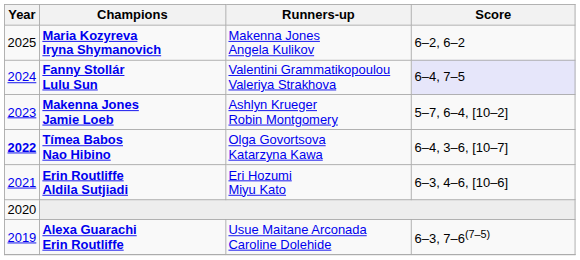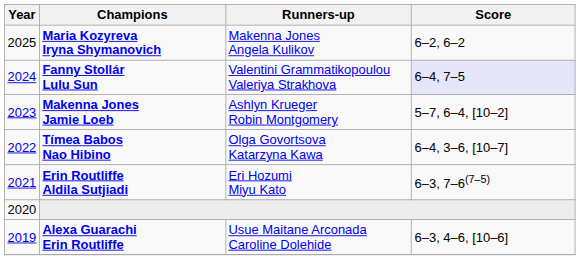 <table class="wikitable" style="font-size:90%">
 <tr>
 <th>Year</th>
 <th width="200">Champions</th>
 <th width="200">Runners-up</th>
 <th width="175">Score</th>
 </tr>
 <tr>
 <td>2025</td>
 <td> <strong><a href='#'>Maria Kozyreva</a></strong> <br>  <strong><a href='#'>Iryna Shymanovich</a></strong></td>
 <td> <a href='#'>Makenna Jones</a> <br>  <a href='#'>Angela Kulikov</a></td>
 <td>6–2, 6–2</td>
 </tr>
 <tr>
 <td><a href='#'>2024</a></td>
 <td> <strong><a href='#'>Fanny Stollár</a></strong> <br>  <strong><a href='#'>Lulu Sun</a></strong></td>
 <td> <a href='#'>Valentini Grammatikopoulou</a> <br>  <a href='#'>Valeriya Strakhova</a></td>
 <td style="background: lavender;">6–4, 7–5</td>
 </tr>
 <tr>
 <td><a href='#'>2023</a></td>
 <td> <strong><a href='#'>Makenna Jones</a></strong> <br>  <strong><a href='#'>Jamie Loeb</a></strong></td>
 <td> <a href='#'>Ashlyn Krueger</a> <br>  <a href='#'>Robin Montgomery</a></td>
 <td>5–7, 6–4, [10–2]</td>
 </tr>
 <tr>
-<td><strong><a href='#'>2022</a></strong></td>
+<td><a href='#'>2022</a></td>
 <td> <strong><a href='#'>Tímea Babos</a></strong> <br>  <strong><a href='#'>Nao Hibino</a></strong></td>
 <td> <a href='#'>Olga Govortsova</a> <br>  <a href='#'>Katarzyna Kawa</a></td>
 <td>6–4, 3–6, [10–7]</td>
 </tr>
 <tr>
 <td><a href='#'>2021</a></td>
 <td> <strong><a href='#'>Erin Routliffe</a></strong> <br>  <strong><a href='#'>Aldila Sutjiadi</a></strong></td>
 <td> <a href='#'>Eri Hozumi</a> <br>  <a href='#'>Miyu Kato</a></td>
-<td>6–3, 4–6, [10–6]</td>
+<td>6–3, 7–6<sup>(7–5)</sup></td>
 </tr>
 <tr>
 <td>2020</td>
 <td colspan=3 bgcolor="#ededed"></td>
 </tr>
 <tr>
 <td><a href='#'>2019</a></td>
 <td> <strong><a href='#'>Alexa Guarachi</a></strong> <br>  <strong><a href='#'>Erin Routliffe</a></strong></td>
 <td> <a href='#'>Usue Maitane Arconada</a> <br>  <a href='#'>Caroline Dolehide</a></td>
-<td>6–3, 7–6<sup>(7–5)</sup></td>
+<td>6–3, 4–6, [10–6]</td>
 </tr>
 <tr>
 </tr>
 </table>
